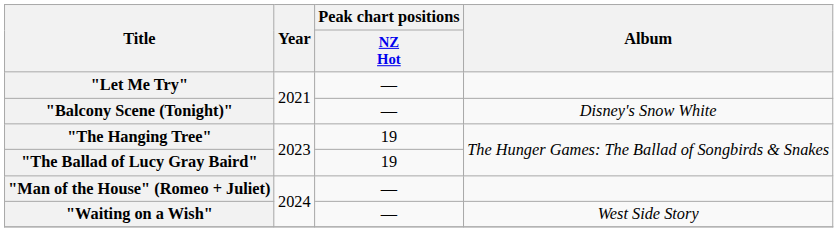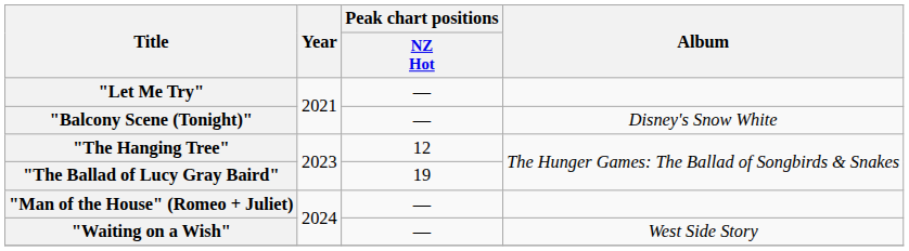 <table class="wikitable plainrowheaders" style="text-align:center">
 <tr>
 <th scope="col" rowspan="2">Title</th>
 <th scope="col" rowspan="2">Year</th>
 <th scope="col" colspan="1">Peak chart positions</th>
 <th scope="col" rowspan="2">Album</th>
 </tr>
 <tr>
 <th scope="col" style="font-size:90%"><a href='#'>NZ<br>Hot</a><br></th>
 </tr>
 <tr>
 <th scope="row">"Let Me Try"</th>
 <td rowspan="2">2021</td>
 <td>—</td>
 <td></td>
 </tr>
 <tr>
 <th scope="row">"Balcony Scene (Tonight)"<br></th>
 <td>—</td>
 <td><em>Disney's Snow White </em></td>
 </tr>
 <tr>
 <th scope="row">"The Hanging Tree"</th>
 <td rowspan="2">2023</td>
-<td>19</td>
+<td>12</td>
 <td rowspan="2"><em>The Hunger Games: The Ballad of Songbirds & Snakes</em></td>
 </tr>
 <tr>
 <th scope="row">"The Ballad of Lucy Gray Baird"</th>
 <td>19</td>
 </tr>
 <tr>
 <th scope="row">"Man of the House" (Romeo + Juliet)</th>
 <td rowspan="2">2024</td>
 <td>—</td>
 <td></td>
 </tr>
 <tr>
 <th scope="row">"Waiting on a Wish"</th>
 <td>—</td>
 <td><em>West Side Story</em></td>
 </tr>
 <tr>
 </tr>
 </table>
